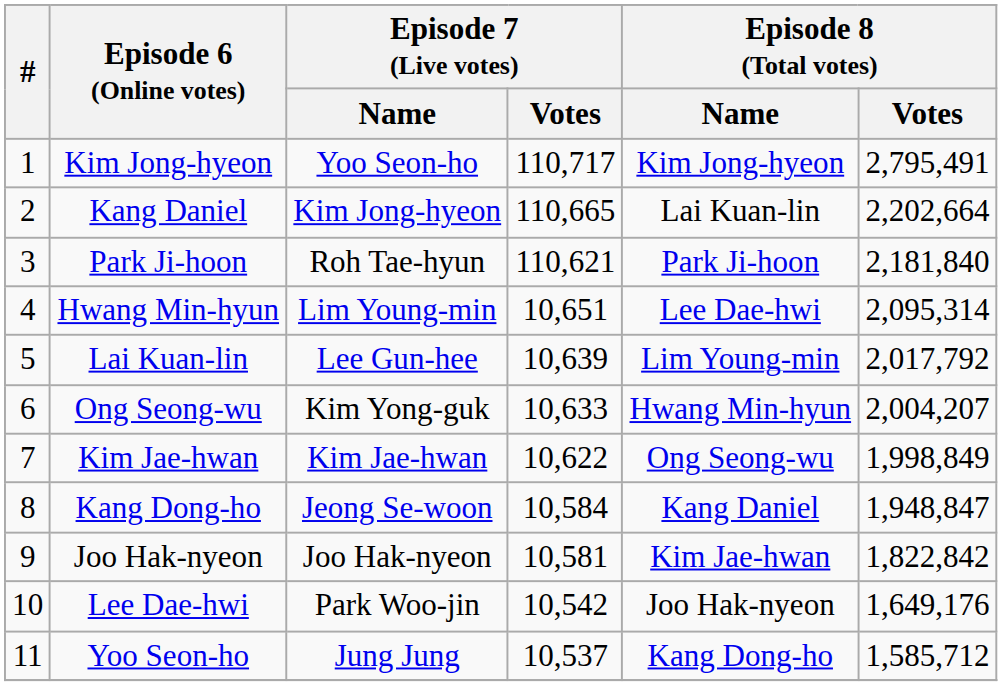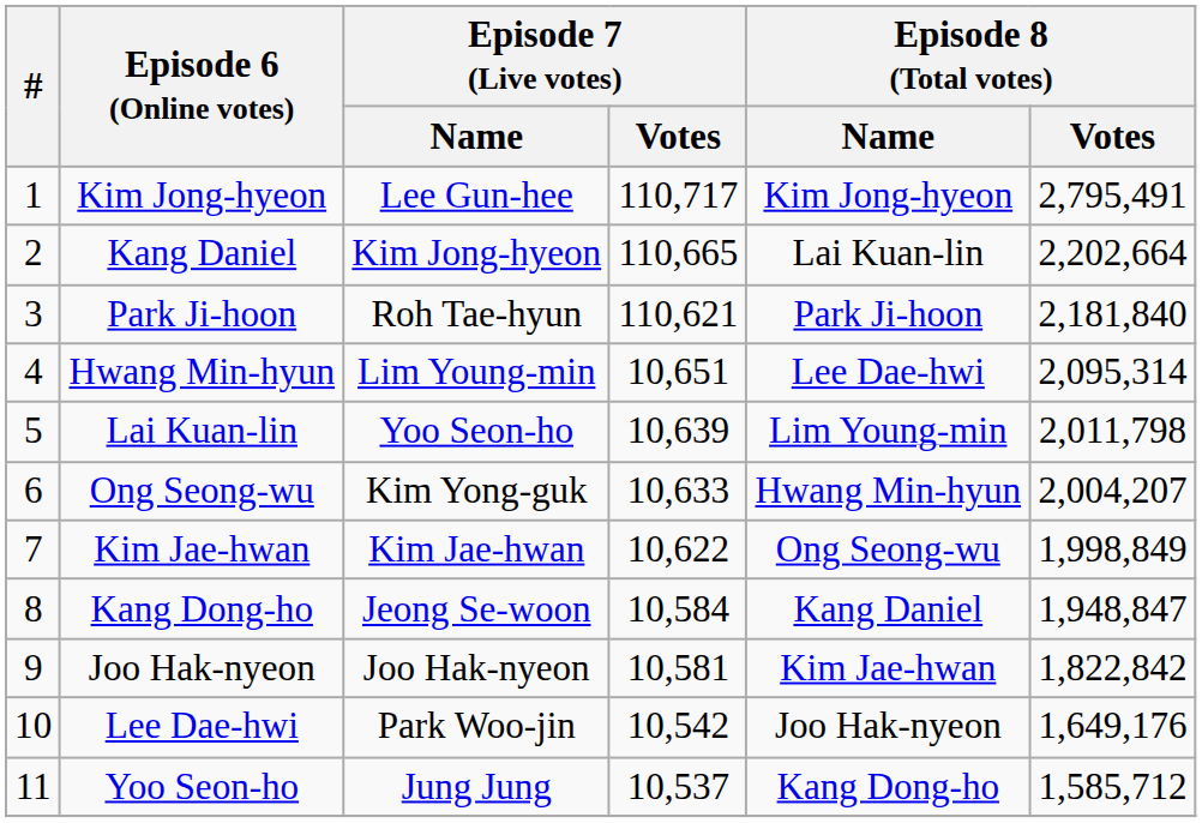 <table class="wikitable sortable" style="text-align:center;">
 <tr>
 <th rowspan="2">#</th>
 <th rowspan="2">Episode 6<br><small>(Online votes)</small></th>
 <th colspan="2">Episode 7<br><small>(Live votes)</small></th>
 <th colspan="2">Episode 8<br><small>(Total votes)</small></th>
 </tr>
 <tr>
 <th>Name</th>
 <th>Votes</th>
 <th>Name</th>
 <th>Votes</th>
 </tr>
 <tr>
 <td>1</td>
 <td><a href='#'>Kim Jong-hyeon</a></td>
-<td><a href='#'>Yoo Seon-ho</a></td>
+<td><a href='#'>Lee Gun-hee</a></td>
 <td>110,717</td>
 <td><a href='#'>Kim Jong-hyeon</a></td>
 <td>2,795,491</td>
 </tr>
 <tr>
 <td>2</td>
 <td><a href='#'>Kang Daniel</a></td>
 <td><a href='#'>Kim Jong-hyeon</a></td>
 <td>110,665</td>
 <td>Lai Kuan-lin</td>
 <td>2,202,664</td>
 </tr>
 <tr>
 <td>3</td>
 <td><a href='#'>Park Ji-hoon</a></td>
 <td>Roh Tae-hyun</td>
 <td>110,621</td>
 <td><a href='#'>Park Ji-hoon</a></td>
 <td>2,181,840</td>
 </tr>
 <tr>
 <td>4</td>
 <td><a href='#'>Hwang Min-hyun</a></td>
 <td><a href='#'>Lim Young-min</a></td>
 <td>10,651</td>
 <td><a href='#'>Lee Dae-hwi</a></td>
 <td>2,095,314</td>
 </tr>
 <tr>
 <td>5</td>
 <td><a href='#'>Lai Kuan-lin</a></td>
-<td><a href='#'>Lee Gun-hee</a></td>
+<td><a href='#'>Yoo Seon-ho</a></td>
 <td>10,639</td>
 <td><a href='#'>Lim Young-min</a></td>
-<td>2,017,792</td>
+<td>2,011,798</td>
 </tr>
 <tr>
 <td>6</td>
 <td><a href='#'>Ong Seong-wu</a></td>
 <td>Kim Yong-guk</td>
 <td>10,633</td>
 <td><a href='#'>Hwang Min-hyun</a></td>
 <td>2,004,207</td>
 </tr>
 <tr>
 <td>7</td>
 <td><a href='#'>Kim Jae-hwan</a></td>
 <td><a href='#'>Kim Jae-hwan</a></td>
 <td>10,622</td>
 <td><a href='#'>Ong Seong-wu</a></td>
 <td>1,998,849</td>
 </tr>
 <tr>
 <td>8</td>
 <td><a href='#'>Kang Dong-ho</a></td>
 <td><a href='#'>Jeong Se-woon</a></td>
 <td>10,584</td>
 <td><a href='#'>Kang Daniel</a></td>
 <td>1,948,847</td>
 </tr>
 <tr>
 <td>9</td>
 <td>Joo Hak-nyeon</td>
 <td>Joo Hak-nyeon</td>
 <td>10,581</td>
 <td><a href='#'>Kim Jae-hwan</a></td>
 <td>1,822,842</td>
 </tr>
 <tr>
 <td>10</td>
 <td><a href='#'>Lee Dae-hwi</a></td>
 <td>Park Woo-jin</td>
 <td>10,542</td>
 <td>Joo Hak-nyeon</td>
 <td>1,649,176</td>
 </tr>
 <tr>
 <td>11</td>
 <td><a href='#'>Yoo Seon-ho</a></td>
 <td><a href='#'>Jung Jung</a></td>
 <td>10,537</td>
 <td><a href='#'>Kang Dong-ho</a></td>
 <td>1,585,712</td>
 </tr>
 <tr>
 </tr>
 </table>
